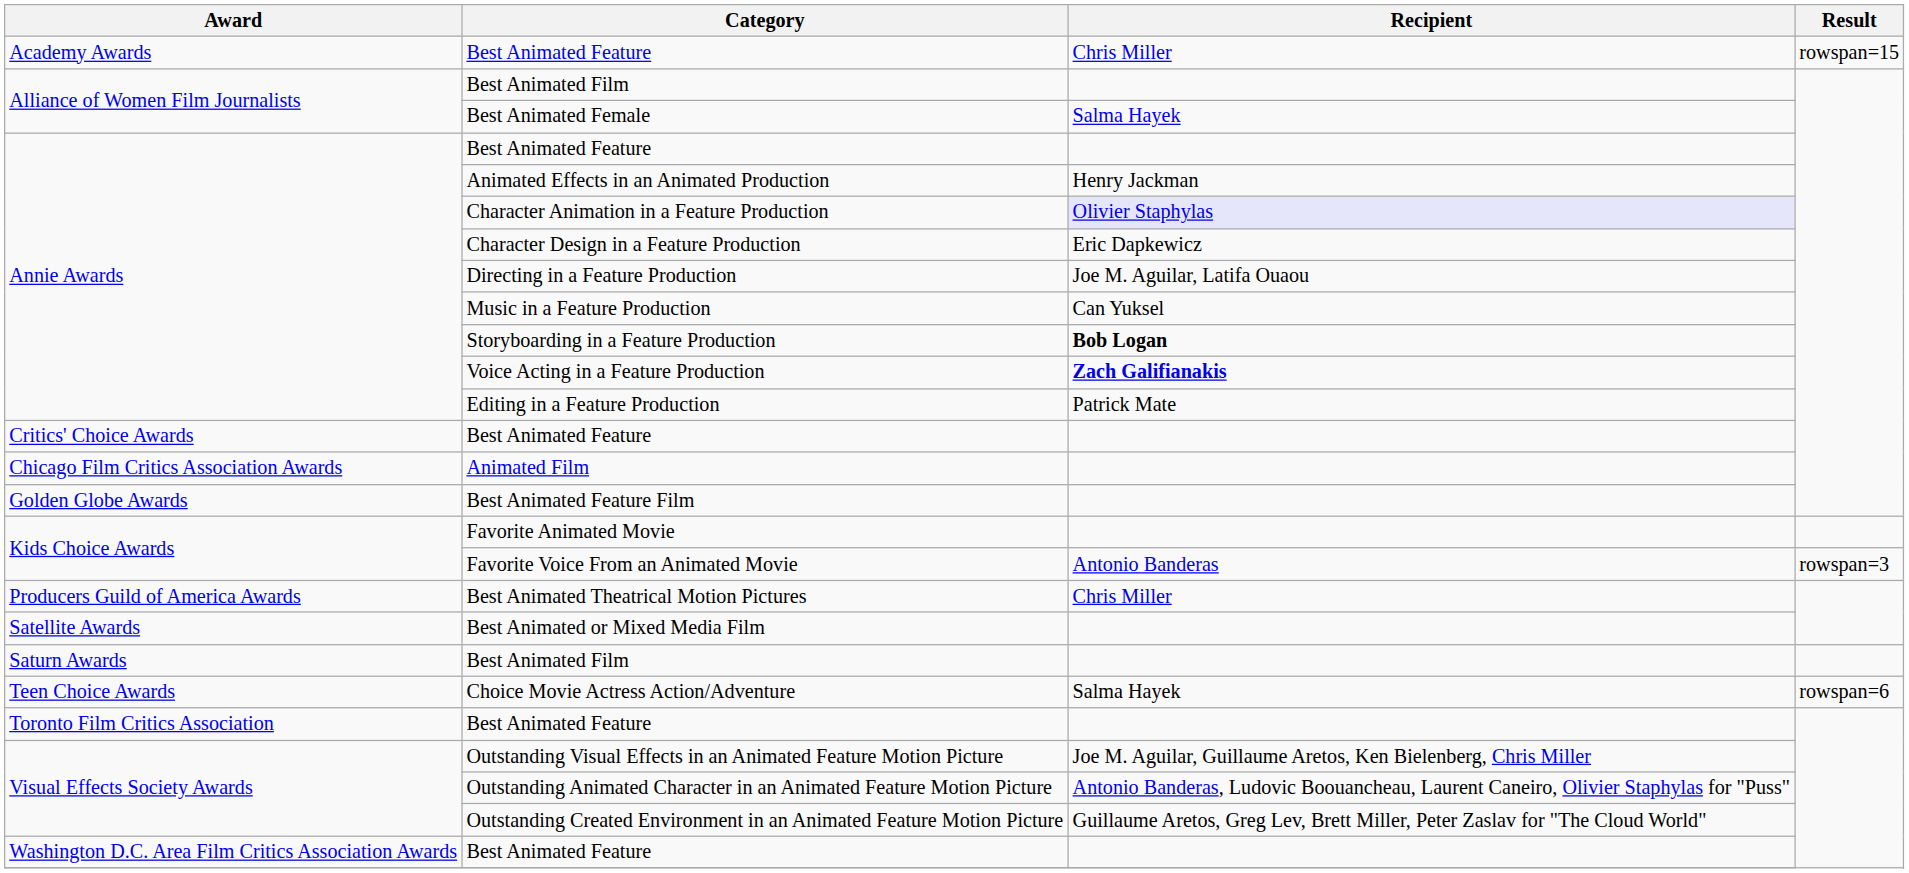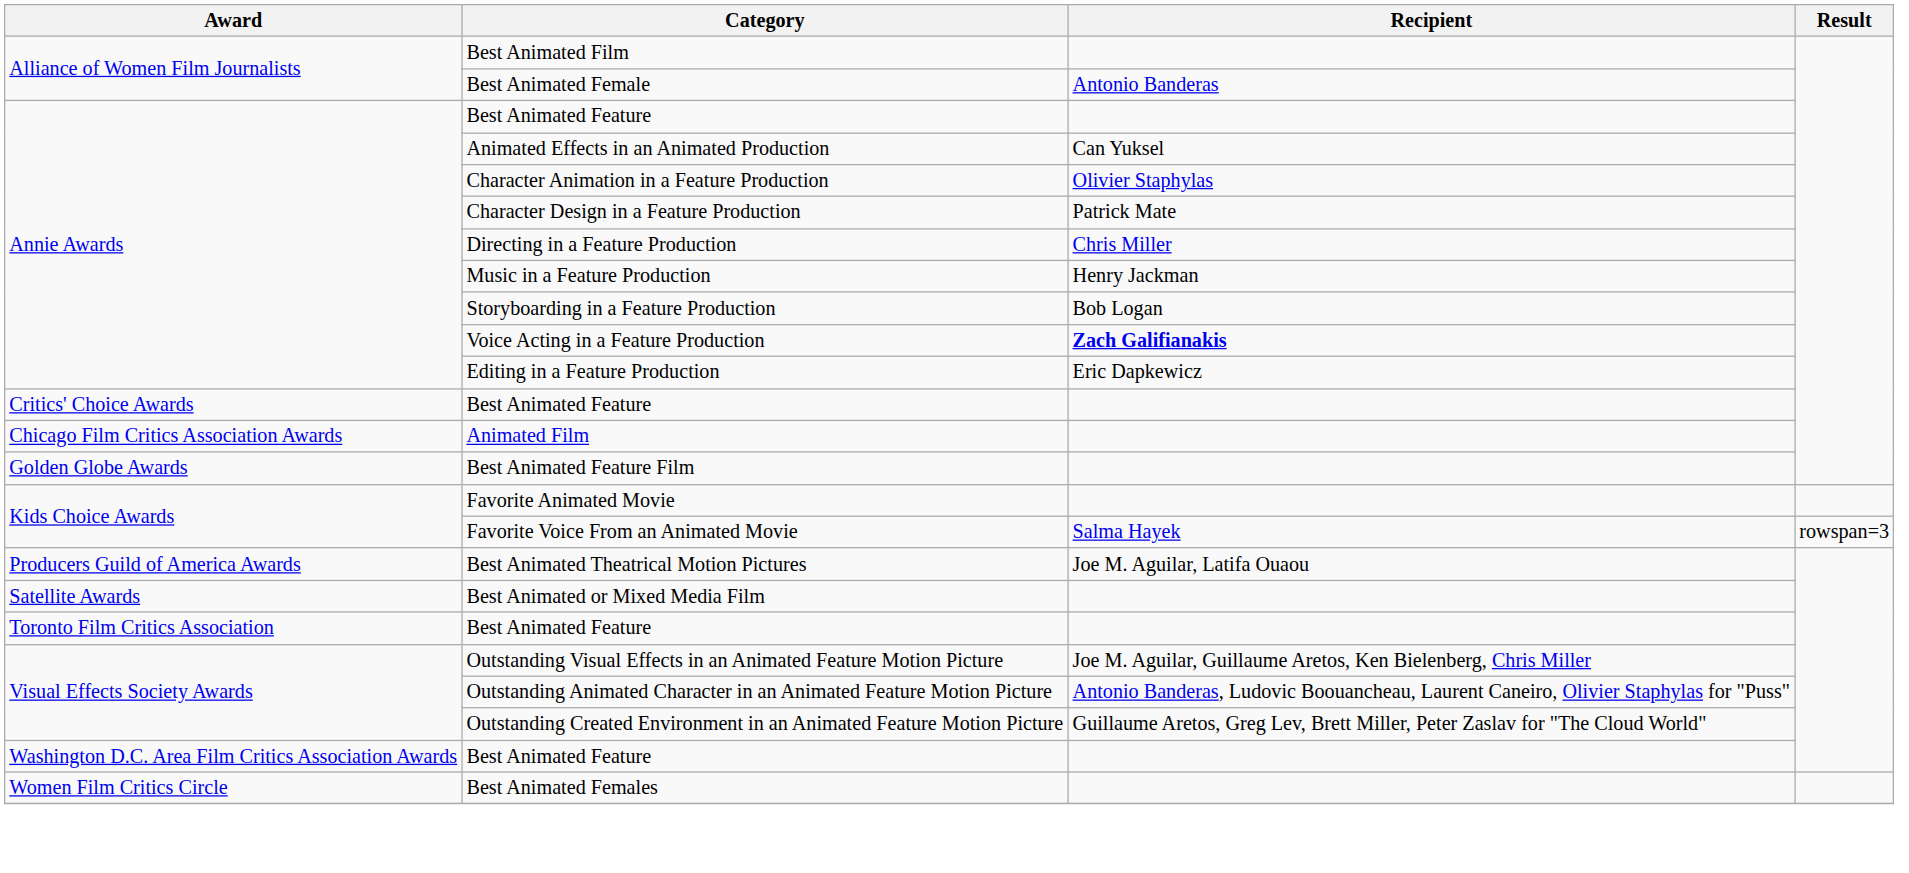 <table class="wikitable">
 <tr>
 <th>Award</th>
 <th>Category</th>
 <th>Recipient</th>
 <th>Result</th>
 </tr>
 <tr>
-<td><a href='#'>Academy Awards</a></td>
-<td><a href='#'>Best Animated Feature</a></td>
-<td><a href='#'>Chris Miller</a></td>
-<td>rowspan=15 </td>
-</tr>
-<tr>
 <td rowspan=2><a href='#'>Alliance of Women Film Journalists</a></td>
 <td>Best Animated Film</td>
 <td></td>
 </tr>
 <tr>
 <td>Best Animated Female</td>
-<td><a href='#'>Salma Hayek</a></td>
+<td><a href='#'>Antonio Banderas</a></td>
 </tr>
 <tr>
 <td rowspan=9><a href='#'>Annie Awards</a></td>
 <td>Best Animated Feature</td>
 <td></td>
 </tr>
 <tr>
 <td>Animated Effects in an Animated Production</td>
+<td>Can Yuksel</td>
+</tr>
+<tr>
+<td>Character Animation in a Feature Production</td>
+<td><a href='#'>Olivier Staphylas</a></td>
+</tr>
+<tr>
+<td>Character Design in a Feature Production</td>
+<td>Patrick Mate</td>
+</tr>
+<tr>
+<td>Directing in a Feature Production</td>
+<td><a href='#'>Chris Miller</a></td>
+</tr>
+<tr>
+<td>Music in a Feature Production</td>
 <td>Henry Jackman</td>
 </tr>
 <tr>
-<td>Character Animation in a Feature Production</td>
-<td style="background: lavender;"><a href='#'>Olivier Staphylas</a></td>
-</tr>
-<tr>
-<td>Character Design in a Feature Production</td>
-<td>Eric Dapkewicz</td>
-</tr>
-<tr>
-<td>Directing in a Feature Production</td>
-<td>Joe M. Aguilar, Latifa Ouaou</td>
-</tr>
-<tr>
-<td>Music in a Feature Production</td>
-<td>Can Yuksel</td>
-</tr>
-<tr>
 <td>Storyboarding in a Feature Production</td>
-<td><strong>Bob Logan</strong></td>
+<td>Bob Logan</td>
 </tr>
 <tr>
 <td>Voice Acting in a Feature Production</td>
 <td><strong><a href='#'>Zach Galifianakis</a></strong></td>
 </tr>
 <tr>
 <td>Editing in a Feature Production</td>
-<td>Patrick Mate</td>
+<td>Eric Dapkewicz</td>
 </tr>
 <tr>
 <td><a href='#'>Critics' Choice Awards</a></td>
 <td>Best Animated Feature</td>
 <td></td>
 </tr>
 <tr>
 <td><a href='#'>Chicago Film Critics Association Awards</a></td>
 <td><a href='#'>Animated Film</a></td>
 <td></td>
 </tr>
 <tr>
 <td><a href='#'>Golden Globe Awards</a></td>
 <td>Best Animated Feature Film</td>
 <td></td>
 </tr>
 <tr>
 <td rowspan="2"><a href='#'>Kids Choice Awards</a></td>
 <td>Favorite Animated Movie</td>
 <td></td>
 <td></td>
 </tr>
 <tr>
 <td>Favorite Voice From an Animated Movie</td>
-<td><a href='#'>Antonio Banderas</a></td>
+<td><a href='#'>Salma Hayek</a></td>
 <td>rowspan=3 </td>
 </tr>
 <tr>
 <td><a href='#'>Producers Guild of America Awards</a></td>
 <td>Best Animated Theatrical Motion Pictures</td>
-<td><a href='#'>Chris Miller</a></td>
+<td>Joe M. Aguilar, Latifa Ouaou</td>
 </tr>
 <tr>
 <td><a href='#'>Satellite Awards</a></td>
 <td>Best Animated or Mixed Media Film</td>
 <td></td>
-</tr>
-<tr>
-<td><a href='#'>Saturn Awards</a></td>
-<td>Best Animated Film</td>
-<td></td>
-<td></td>
-</tr>
-<tr>
-<td><a href='#'>Teen Choice Awards</a></td>
-<td>Choice Movie Actress Action/Adventure</td>
-<td>Salma Hayek</td>
-<td>rowspan=6 </td>
 </tr>
 <tr>
 <td><a href='#'>Toronto Film Critics Association</a></td>
 <td>Best Animated Feature</td>
 <td></td>
 </tr>
 <tr>
 <td rowspan=3><a href='#'>Visual Effects Society Awards</a></td>
 <td>Outstanding Visual Effects in an Animated Feature Motion Picture</td>
 <td>Joe M. Aguilar, Guillaume Aretos, Ken Bielenberg, <a href='#'>Chris Miller</a></td>
 </tr>
 <tr>
 <td>Outstanding Animated Character in an Animated Feature Motion Picture</td>
 <td><a href='#'>Antonio Banderas</a>, Ludovic Boouancheau, Laurent Caneiro, <a href='#'>Olivier Staphylas</a> for "Puss"</td>
 </tr>
 <tr>
 <td>Outstanding Created Environment in an Animated Feature Motion Picture</td>
 <td>Guillaume Aretos, Greg Lev, Brett Miller, Peter Zaslav for "The Cloud World"</td>
 </tr>
 <tr>
 <td><a href='#'>Washington D.C. Area Film Critics Association Awards</a></td>
 <td>Best Animated Feature</td>
 <td></td>
 </tr>
 <tr>
+<td><a href='#'>Women Film Critics Circle</a></td>
+<td>Best Animated Females</td>
+<td></td>
+<td></td>
+</tr>
+<tr>
 </tr>
 </table>
